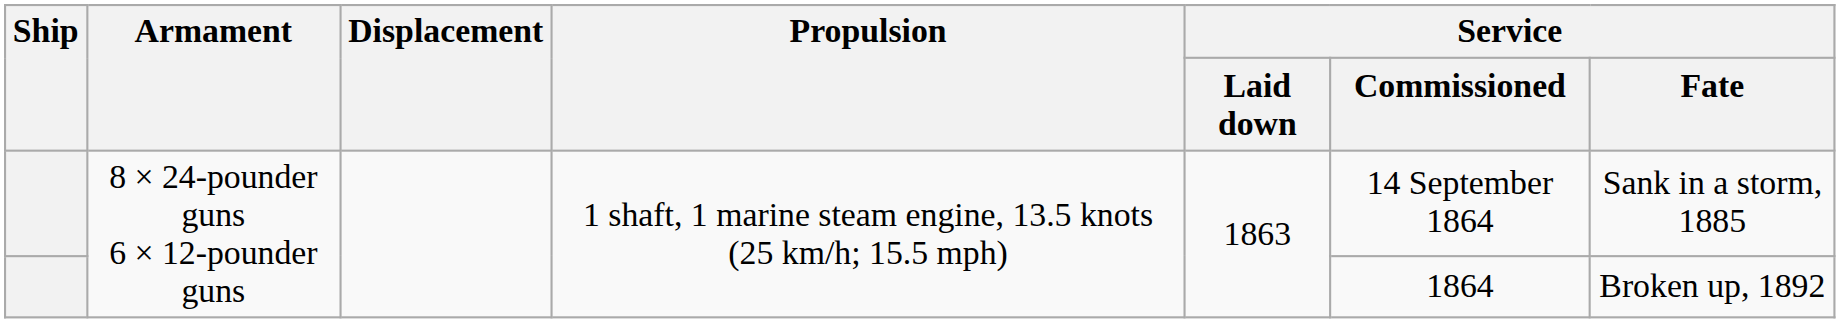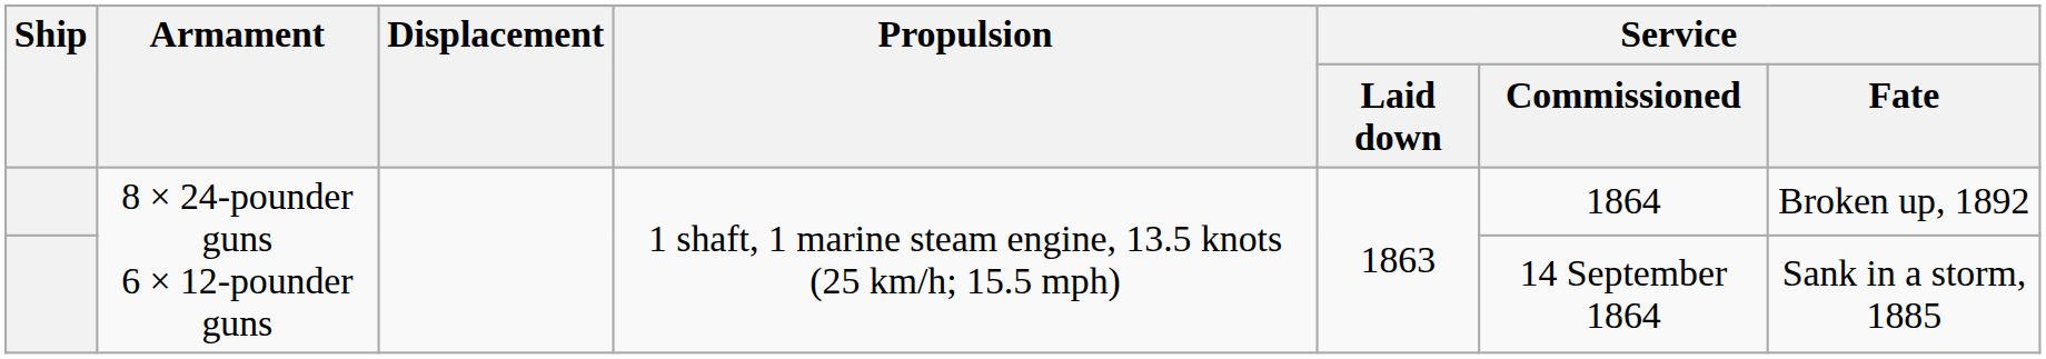 <table class="wikitable plainrowheaders" style="text-align: center;">
 <tr valign="top">
 <th scope="col" rowspan="2">Ship</th>
 <th scope="col" rowspan="2">Armament</th>
 <th scope="col" rowspan="2">Displacement</th>
 <th scope="col" rowspan="2">Propulsion</th>
 <th scope="col" colspan="3">Service</th>
 </tr>
 <tr valign="top">
 <th scope="col">Laid down</th>
 <th scope="col">Commissioned</th>
 <th scope="col">Fate</th>
 </tr>
 <tr valign="center">
 <th scope="row"></th>
 <td rowspan="2">8 × 24-pounder guns<br>6 × 12-pounder guns</td>
 <td rowspan="2"></td>
 <td rowspan="2">1 shaft, 1 marine steam engine, 13.5 knots (25 km/h; 15.5 mph)</td>
 <td rowspan="2">1863</td>
+<td>1864</td>
+<td>Broken up, 1892</td>
+</tr>
+<tr valign="center">
+<th scope="row"></th>
 <td>14 September 1864</td>
 <td>Sank in a storm, 1885</td>
 </tr>
-<tr valign="center">
-<th scope="row"></th>
-<td>1864</td>
-<td>Broken up, 1892</td>
-</tr>
 </table>
